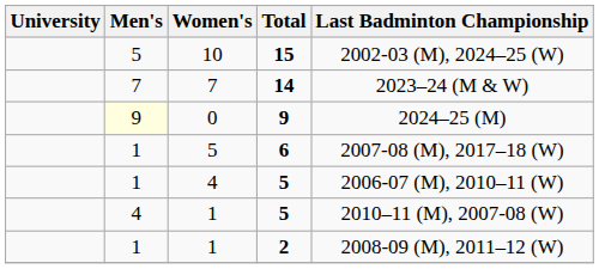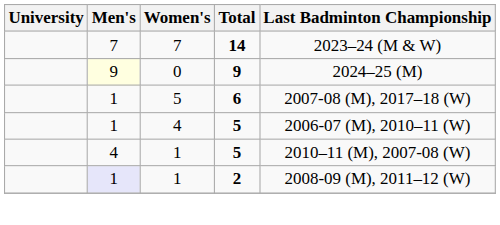 <table class="wikitable" style="text align: center">
 <tr bgcolor="#efefef">
 <th>University</th>
 <th>Men's</th>
 <th>Women's</th>
 <th>Total</th>
 <th>Last Badminton Championship</th>
-</tr>
-<tr align="center">
-<td align="left"><strong></strong></td>
-<td>5</td>
-<td>10</td>
-<td><strong>15</strong></td>
-<td>2002-03 (M), 2024–25 (W)</td>
 </tr>
 <tr align="center">
 <td align="left"><strong></strong></td>
 <td>7</td>
 <td>7</td>
 <td><strong>14</strong></td>
 <td>2023–24 (M & W)</td>
 </tr>
 <tr align="center">
 <td align="left"><strong></strong></td>
 <td style="background: lightyellow;">9</td>
 <td>0</td>
 <td><strong>9</strong></td>
 <td>2024–25 (M)</td>
 </tr>
 <tr align="center">
 <td align="left"><strong></strong></td>
 <td>1</td>
 <td>5</td>
 <td><strong>6</strong></td>
 <td>2007-08 (M), 2017–18 (W)</td>
 </tr>
 <tr align="center">
 <td align="left"><strong></strong></td>
 <td>1</td>
 <td>4</td>
 <td><strong>5</strong></td>
 <td>2006-07 (M), 2010–11 (W)</td>
 </tr>
 <tr align="center">
 <td align="left"><strong></strong></td>
 <td>4</td>
 <td>1</td>
 <td><strong>5</strong></td>
 <td>2010–11 (M), 2007-08 (W)</td>
 </tr>
 <tr align="center">
 <td align="left"><strong></strong></td>
-<td>1</td>
+<td style="background: lavender;">1</td>
 <td>1</td>
 <td><strong>2</strong></td>
 <td>2008-09 (M), 2011–12 (W)</td>
 </tr>
 <tr>
 </tr>
 </table>
